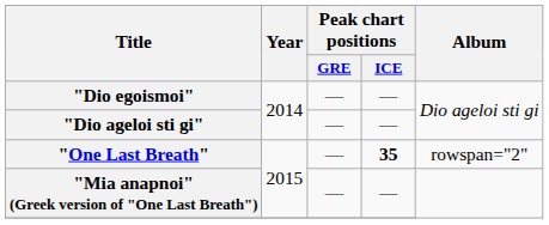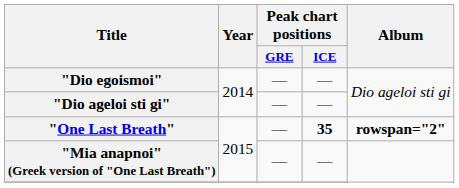 <table class="wikitable plainrowheaders" style="text-align:center;">
 <tr>
 <th scope="col" rowspan="2">Title</th>
 <th scope="col" rowspan="2">Year</th>
 <th scope="col" colspan="2">Peak chart positions</th>
 <th scope="col" rowspan="2">Album</th>
 </tr>
 <tr>
 <th scope="col" style="width:3em;font-size:85%;"><a href='#'>GRE</a></th>
 <th scope="col" style="width:3em;font-size:85%;"><a href='#'>ICE</a></th>
 </tr>
 <tr>
 <th scope="row">"Dio egoismoi"</th>
 <td rowspan=2>2014</td>
 <td>—</td>
 <td>—</td>
 <td rowspan=2><em>Dio ageloi sti gi</em></td>
 </tr>
 <tr>
 <th scope="row">"Dio ageloi sti gi"</th>
 <td>—</td>
 <td>—</td>
 </tr>
 <tr>
 <th scope="row">"<a href='#'>One Last Breath</a>"</th>
 <td rowspan=2>2015</td>
 <td>—</td>
 <td><strong>35</strong></td>
-<td>rowspan="2" </td>
+<td><strong>rowspan="2" </strong></td>
 </tr>
 <tr>
 <th scope="row">"Mia anapnoi" <br><small>(Greek version of "One Last Breath")</small></th>
 <td>—</td>
 <td>—</td>
 </tr>
 <tr>
 </tr>
 </table>
